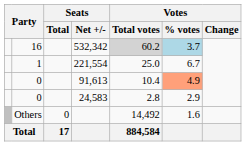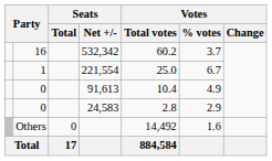 <table class="wikitable" style="text-align:right; font-size:95%;">
 <tr>
 <th colspan="2" rowspan="2">Party</th>
 <th colspan="2">Seats</th>
 <th colspan="3">Votes</th>
 </tr>
 <tr>
 <th>Total</th>
 <th>Net +/-</th>
 <th>Total votes</th>
 <th>% votes</th>
 <th>Change</th>
 </tr>
 <tr>
 <td></td>
 <td>16</td>
 <td></td>
 <td>532,342</td>
-<td style="background: lightgrey;">60.2</td>
-<td style="background: lightblue;">3.7</td>
+<td>60.2</td>
+<td>3.7</td>
 </tr>
 <tr>
 <td></td>
 <td>1</td>
 <td></td>
 <td>221,554</td>
 <td>25.0</td>
 <td>6.7</td>
 </tr>
 <tr>
 <td></td>
 <td>0</td>
 <td></td>
 <td>91,613</td>
 <td>10.4</td>
-<td style="background: lightsalmon;">4.9</td>
+<td>4.9</td>
 </tr>
 <tr>
 <td></td>
 <td>0</td>
 <td></td>
 <td>24,583</td>
 <td>2.8</td>
 <td>2.9</td>
 </tr>
 <tr>
 <td style="background:silver;"> </td>
 <td align=left>Others</td>
 <td>0</td>
 <td></td>
 <td>14,492</td>
 <td>1.6</td>
 <td></td>
 </tr>
 <tr>
 <th colspan="2" style="background:#f2f2f2">Total</th>
 <td style="background:#f2f2f2;"><strong>17</strong></td>
 <td style="background:#f2f2f2;"></td>
 <td style="background:#f2f2f2;"><strong>884,584</strong></td>
 <td style="background:#f2f2f2;"></td>
 <td style="background:#f2f2f2;"></td>
 </tr>
 </table>
